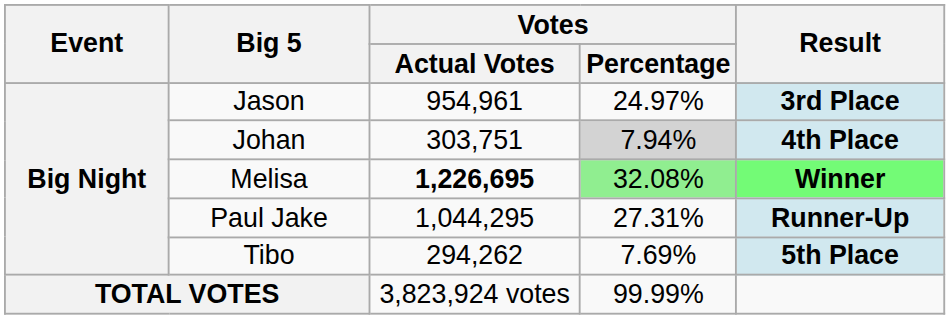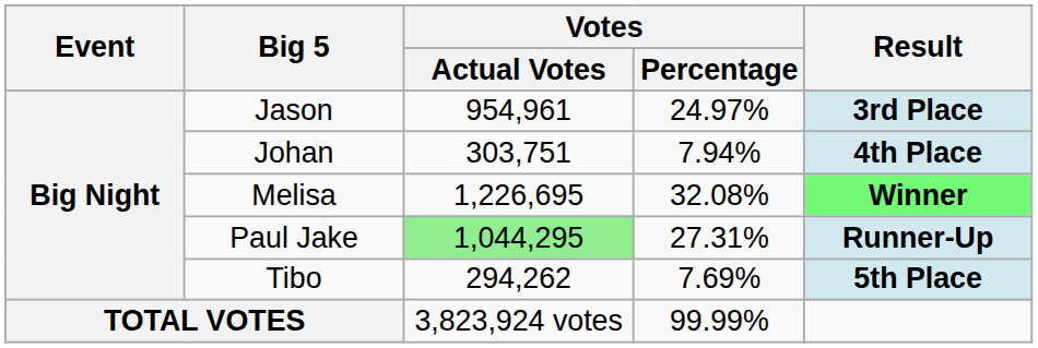 <table class="wikitable" style="text-align:center; font-size:90%; line-height:14px;" width="40%">
 <tr>
 <th rowspan=2 width="20%">Event</th>
 <th rowspan=2 width="25%">Big 5</th>
 <th colspan=2 width="30%">Votes</th>
 <th rowspan=2 width="30%">Result</th>
 </tr>
 <tr>
 <th width="25%">Actual Votes</th>
 <th width="05%">Percentage</th>
 </tr>
 <tr>
 <th rowspan=5>Big Night</th>
 <td>Jason</td>
 <td>954,961</td>
 <td>24.97%</td>
 <td align="center" bgcolor="#D1E8EF"><strong>3rd Place</strong></td>
 </tr>
 <tr>
 <td>Johan</td>
 <td>303,751</td>
-<td style="background: lightgrey;">7.94%</td>
+<td>7.94%</td>
 <td align="center" bgcolor="#D1E8EF"><strong>4th Place</strong></td>
 </tr>
 <tr>
 <td>Melisa</td>
-<td><strong>1,226,695</strong></td>
-<td style="background: lightgreen;">32.08%</td>
+<td>1,226,695</td>
+<td>32.08%</td>
 <td align="center" bgcolor="#73FB76"><strong>Winner</strong></td>
 </tr>
 <tr>
 <td>Paul Jake</td>
-<td>1,044,295</td>
+<td style="background: lightgreen;">1,044,295</td>
 <td>27.31%</td>
 <td align="center" bgcolor="#D1E8EF"><strong>Runner-Up </strong></td>
 </tr>
 <tr>
 <td>Tibo</td>
 <td>294,262</td>
 <td>7.69%</td>
 <td align="center" bgcolor="#D1E8EF"><strong>5th Place</strong></td>
 </tr>
 <tr>
 <th colspan=2>TOTAL VOTES</th>
 <td>3,823,924 votes</td>
 <td>99.99%</td>
 <td></td>
 </tr>
 </table>
